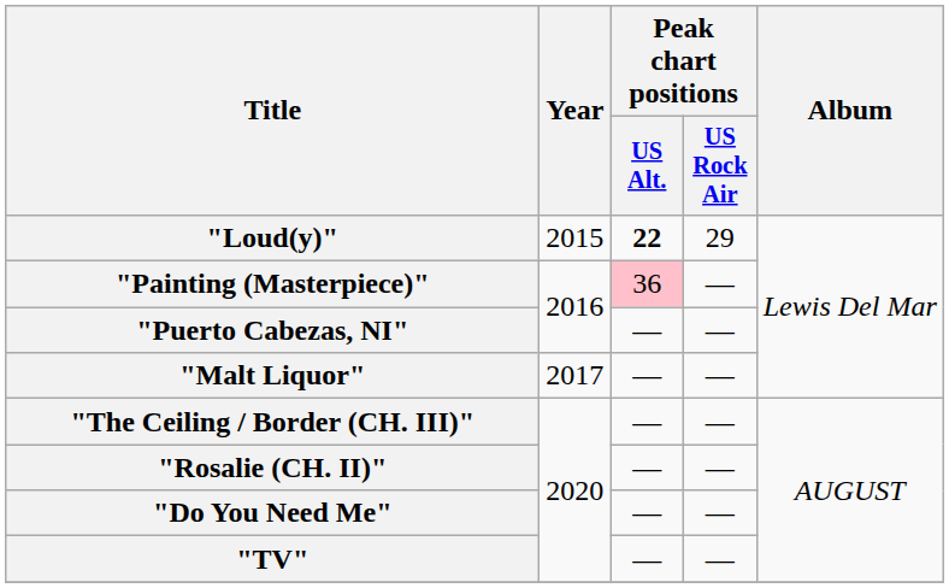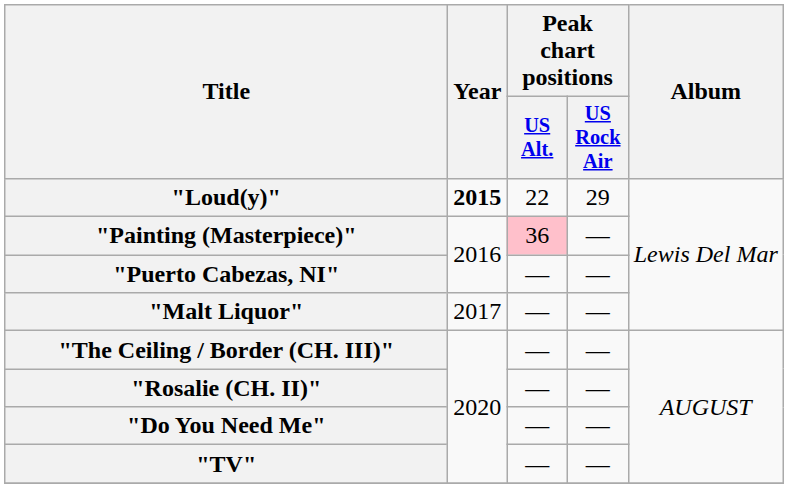 <table class="wikitable plainrowheaders" style="text-align:center;">
 <tr>
 <th scope="col" rowspan="2" style="width:18em;">Title</th>
 <th scope="col" rowspan="2">Year</th>
 <th scope="col" colspan="2">Peak chart positions</th>
 <th scope="col" rowspan="2">Album</th>
 </tr>
 <tr>
 <th scope="col" style="width:2.5em;font-size:85%;"><a href='#'>US<br>Alt.</a><br></th>
 <th scope="col" style="width:2.5em;font-size:85%;"><a href='#'>US<br>Rock<br>Air</a><br></th>
 </tr>
 <tr>
 <th scope="row">"Loud(y)"</th>
-<td>2015</td>
-<td><strong>22</strong></td>
+<td><strong>2015</strong></td>
+<td>22</td>
 <td>29</td>
 <td rowspan="4"><em>Lewis Del Mar</em></td>
 </tr>
 <tr>
 <th scope="row">"Painting (Masterpiece)"</th>
 <td rowspan="2">2016</td>
 <td style="background: pink;">36</td>
 <td>—</td>
 </tr>
 <tr>
 <th scope="row">"Puerto Cabezas, NI"</th>
 <td>—</td>
 <td>—</td>
 </tr>
 <tr>
 <th scope="row">"Malt Liquor"</th>
 <td>2017</td>
 <td>—</td>
 <td>—</td>
 </tr>
 <tr>
 <th scope="row">"The Ceiling / Border (CH. III)"</th>
 <td rowspan="4">2020</td>
 <td>—</td>
 <td>—</td>
 <td rowspan="4"><em>AUGUST</em></td>
 </tr>
 <tr>
 <th scope="row">"Rosalie (CH. II)"</th>
 <td>—</td>
 <td>—</td>
 </tr>
 <tr>
 <th scope="row">"Do You Need Me"</th>
 <td>—</td>
 <td>—</td>
 </tr>
 <tr>
 <th scope="row">"TV"</th>
 <td>—</td>
 <td>—</td>
 </tr>
 <tr>
 </tr>
 </table>
